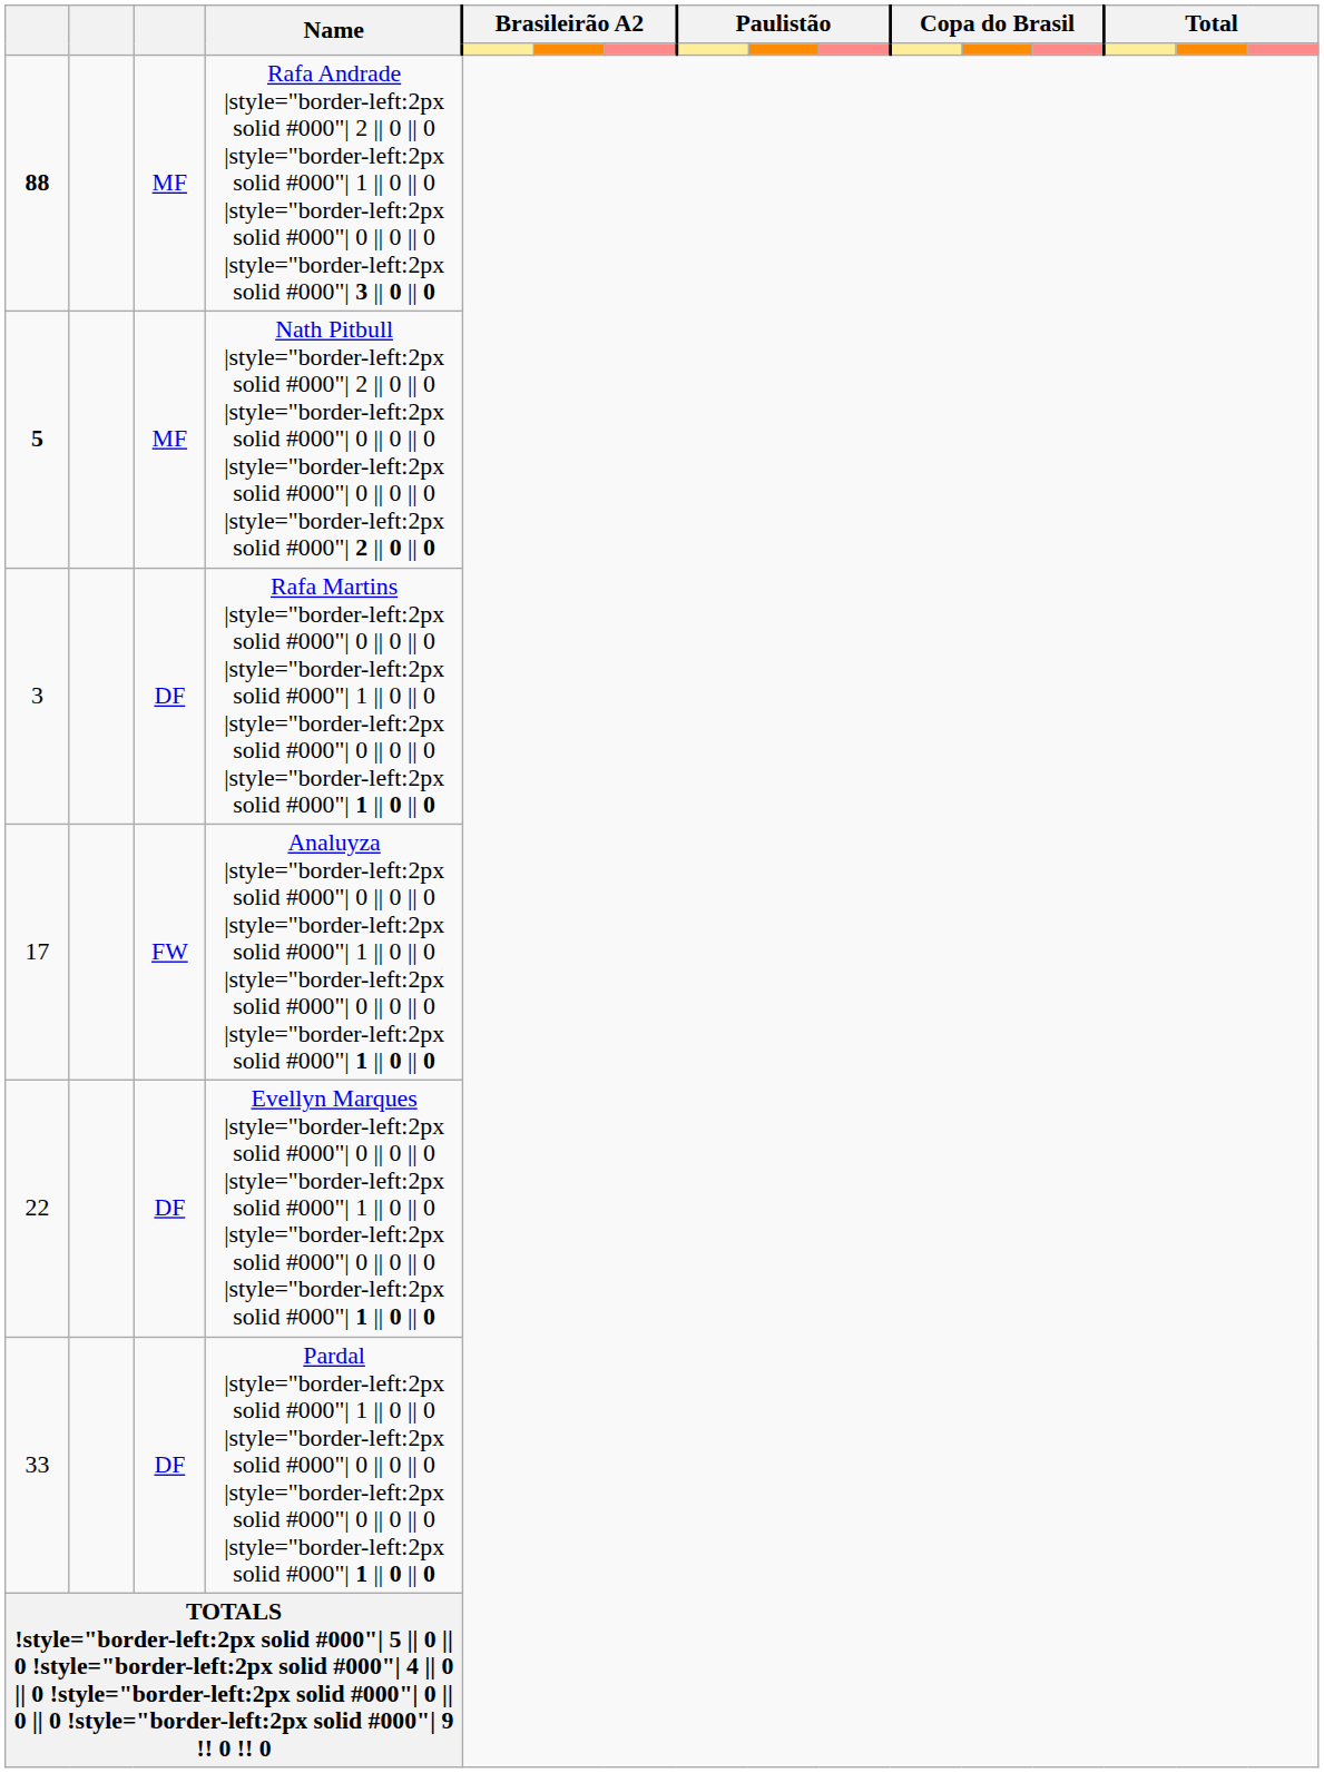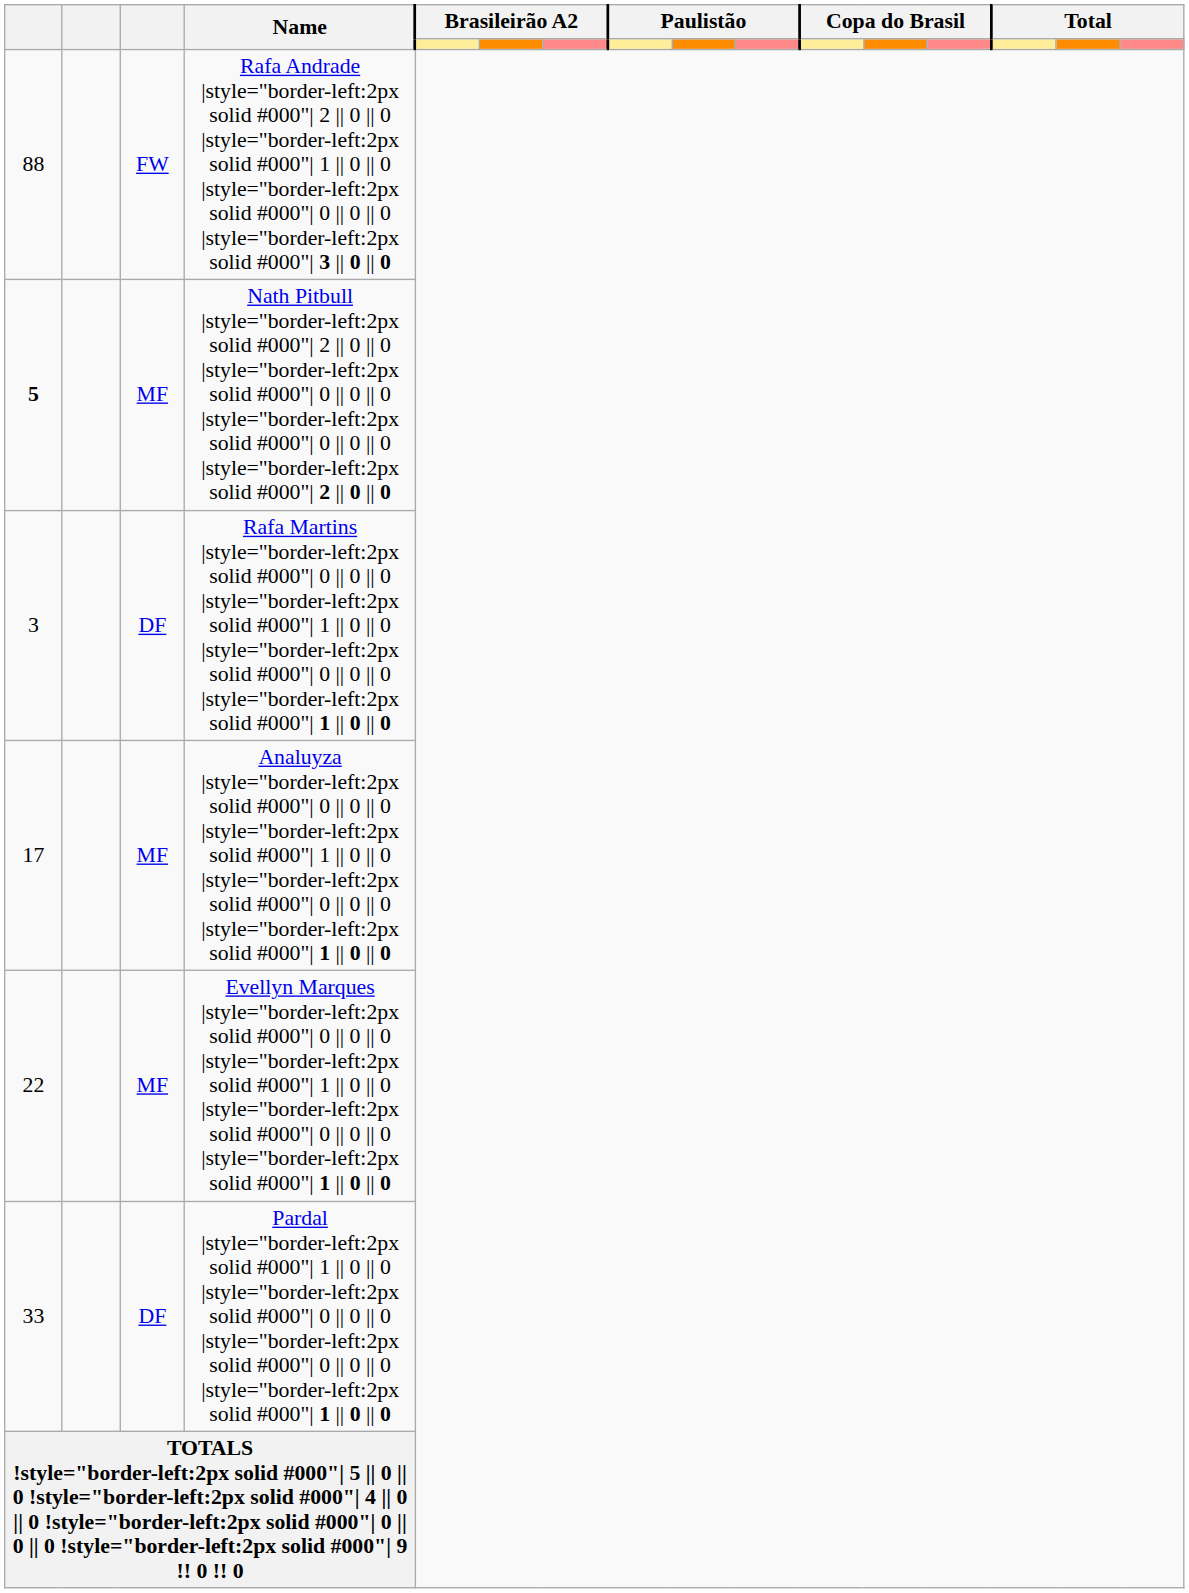 <table class="wikitable" style="text-align:center">
 <tr>
 <th rowspan="2" style="width:3%; "><strong></strong></th>
 <th rowspan="2" style="width:3%; "><strong></strong></th>
 <th rowspan="2" style="width:3%; "><strong></strong></th>
 <th rowspan="2" style="width:12%; ">Name</th>
 <th colspan="3" style="width:10%; border-left:2px solid #000">Brasileirão A2</th>
 <th colspan="3" style="width:10%; border-left:2px solid #000">Paulistão</th>
 <th colspan="3" style="width:10%; border-left:2px solid #000">Copa do Brasil</th>
 <th colspan="3" style="width:10%; border-left:2px solid #000">Total</th>
 </tr>
 <tr>
 <th style="width:20px; background:#fe9; border-left:2px solid #000"></th>
 <th style="width:20px; background:#ff8c00;"></th>
 <th style="width:20px; background:#ff8888;"></th>
 <th style="width:20px; background:#fe9; border-left:2px solid #000"></th>
 <th style="width:20px; background:#ff8c00;"></th>
 <th style="width:20px; background:#ff8888;"></th>
 <th style="width:20px; background:#fe9; border-left:2px solid #000"></th>
 <th style="width:20px; background:#ff8c00;"></th>
 <th style="width:20px; background:#ff8888;"></th>
 <th style="width:20px; background:#fe9; border-left:2px solid #000"></th>
 <th style="width:20px; background:#ff8c00;"></th>
 <th style="width:20px; background:#ff8888;"></th>
 </tr>
 <tr>
-<td><strong>88</strong></td>
+<td>88</td>
 <td></td>
-<td><a href='#'>MF</a></td>
+<td><a href='#'>FW</a></td>
 <td><a href='#'>Rafa Andrade</a><br> |style="border-left:2px solid #000"| 2 || 0 || 0  |style="border-left:2px solid #000"| 1 || 0 || 0  |style="border-left:2px solid #000"| 0 || 0 || 0  |style="border-left:2px solid #000"| <strong>3</strong> || <strong>0</strong> || <strong>0</strong></td>
 </tr>
 <tr>
 <td><strong>5</strong></td>
 <td></td>
 <td><a href='#'>MF</a></td>
 <td><a href='#'>Nath Pitbull</a><br> |style="border-left:2px solid #000"| 2 || 0 || 0  |style="border-left:2px solid #000"| 0 || 0 || 0  |style="border-left:2px solid #000"| 0 || 0 || 0  |style="border-left:2px solid #000"| <strong>2</strong> || <strong>0</strong> || <strong>0</strong></td>
 </tr>
 <tr>
 <td>3</td>
 <td></td>
 <td><a href='#'>DF</a></td>
 <td><a href='#'>Rafa Martins</a><br> |style="border-left:2px solid #000"| 0 || 0 || 0  |style="border-left:2px solid #000"| 1 || 0 || 0  |style="border-left:2px solid #000"| 0 || 0 || 0  |style="border-left:2px solid #000"| <strong>1</strong> || <strong>0</strong> || <strong>0</strong></td>
 </tr>
 <tr>
 <td>17</td>
 <td></td>
-<td><a href='#'>FW</a></td>
+<td><a href='#'>MF</a></td>
 <td><a href='#'>Analuyza</a><br> |style="border-left:2px solid #000"| 0 || 0 || 0  |style="border-left:2px solid #000"| 1 || 0 || 0  |style="border-left:2px solid #000"| 0 || 0 || 0  |style="border-left:2px solid #000"| <strong>1</strong> || <strong>0</strong> || <strong>0</strong></td>
 </tr>
 <tr>
 <td>22</td>
 <td></td>
-<td><a href='#'>DF</a></td>
+<td><a href='#'>MF</a></td>
 <td><a href='#'>Evellyn Marques</a><br> |style="border-left:2px solid #000"| 0 || 0 || 0  |style="border-left:2px solid #000"| 1 || 0 || 0  |style="border-left:2px solid #000"| 0 || 0 || 0  |style="border-left:2px solid #000"| <strong>1</strong> || <strong>0</strong> || <strong>0</strong></td>
 </tr>
 <tr>
 <td>33</td>
 <td></td>
 <td><a href='#'>DF</a></td>
 <td><a href='#'>Pardal</a><br> |style="border-left:2px solid #000"| 1 || 0 || 0  |style="border-left:2px solid #000"| 0 || 0 || 0  |style="border-left:2px solid #000"| 0 || 0 || 0  |style="border-left:2px solid #000"| <strong>1</strong> || <strong>0</strong> || <strong>0</strong></td>
 </tr>
 <tr>
 <th colspan="4">TOTALS<br> !style="border-left:2px solid #000"| 5 || 0 || 0  !style="border-left:2px solid #000"| 4 || 0 || 0  !style="border-left:2px solid #000"| 0 || 0 || 0  !style="border-left:2px solid #000"| <strong>9</strong> !! <strong>0</strong> !! <strong>0</strong></th>
 </tr>
 </table>
